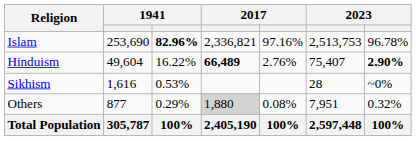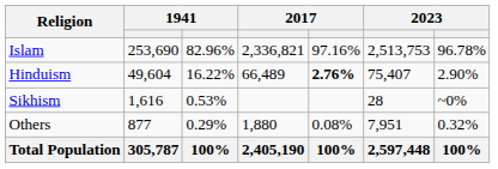 <table class="wikitable sortable">
 <tr>
 <th rowspan="2">Religion</th>
 <th colspan="2">1941</th>
 <th colspan="2">2017</th>
 <th colspan="2">2023</th>
 </tr>
 <tr>
 <th></th>
 <th></th>
 <th></th>
 <th></th>
 <th></th>
 <th></th>
 </tr>
 <tr>
 <td><a href='#'>Islam</a> </td>
 <td>253,690</td>
-<td><strong>82.96%</strong></td>
+<td>82.96%</td>
 <td>2,336,821</td>
 <td>97.16%</td>
 <td>2,513,753</td>
 <td>96.78%</td>
 </tr>
 <tr>
 <td><a href='#'>Hinduism</a> </td>
 <td>49,604</td>
 <td>16.22%</td>
-<td><strong>66,489</strong></td>
-<td>2.76%</td>
+<td>66,489</td>
+<td><strong>2.76%</strong></td>
 <td>75,407</td>
-<td><strong>2.90%</strong></td>
+<td>2.90%</td>
 </tr>
 <tr>
 <td><a href='#'>Sikhism</a> </td>
 <td>1,616</td>
 <td>0.53%</td>
 <td></td>
 <td></td>
 <td>28</td>
 <td>~0%</td>
 </tr>
 <tr>
 <td>Others</td>
 <td>877</td>
 <td>0.29%</td>
-<td style="background: lightgrey;">1,880</td>
+<td>1,880</td>
 <td>0.08%</td>
 <td>7,951</td>
 <td>0.32%</td>
 </tr>
 <tr>
 <th>Total Population</th>
 <th>305,787</th>
 <th>100%</th>
 <th>2,405,190</th>
 <th>100%</th>
 <th>2,597,448</th>
 <th>100%</th>
 </tr>
 </table>
